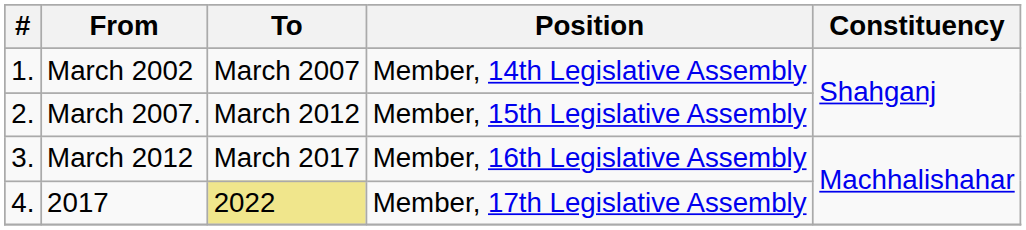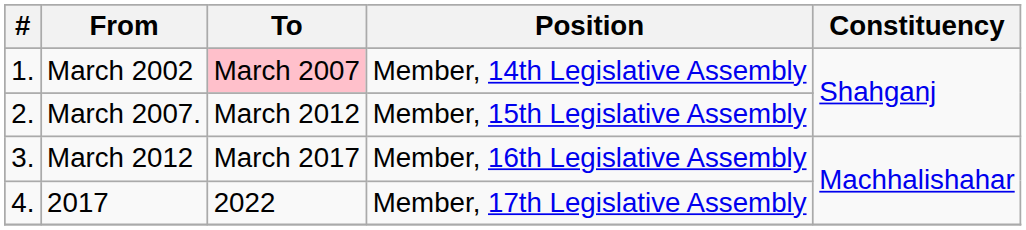 <table class="wikitable sortable">
 <tr>
 <th>#</th>
 <th>From</th>
 <th>To</th>
 <th>Position</th>
 <th>Constituency</th>
 </tr>
 <tr>
 <td>1.</td>
 <td>March 2002</td>
-<td>March 2007</td>
+<td style="background: pink;">March 2007</td>
 <td>Member, <a href='#'>14th Legislative Assembly</a></td>
 <td rowspan=2><a href='#'>Shahganj</a></td>
 </tr>
 <tr>
 <td>2.</td>
 <td>March 2007.</td>
 <td>March 2012</td>
 <td>Member, <a href='#'>15th Legislative Assembly</a></td>
 </tr>
 <tr>
 <td>3.</td>
 <td>March 2012</td>
 <td>March 2017</td>
 <td>Member, <a href='#'>16th Legislative Assembly</a></td>
 <td rowspan=2><a href='#'>Machhalishahar</a></td>
 </tr>
 <tr>
 <td>4.</td>
 <td>2017</td>
-<td style="background: khaki;">2022</td>
+<td>2022</td>
 <td>Member, <a href='#'>17th Legislative Assembly</a></td>
 </tr>
 <tr>
 </tr>
 </table>
